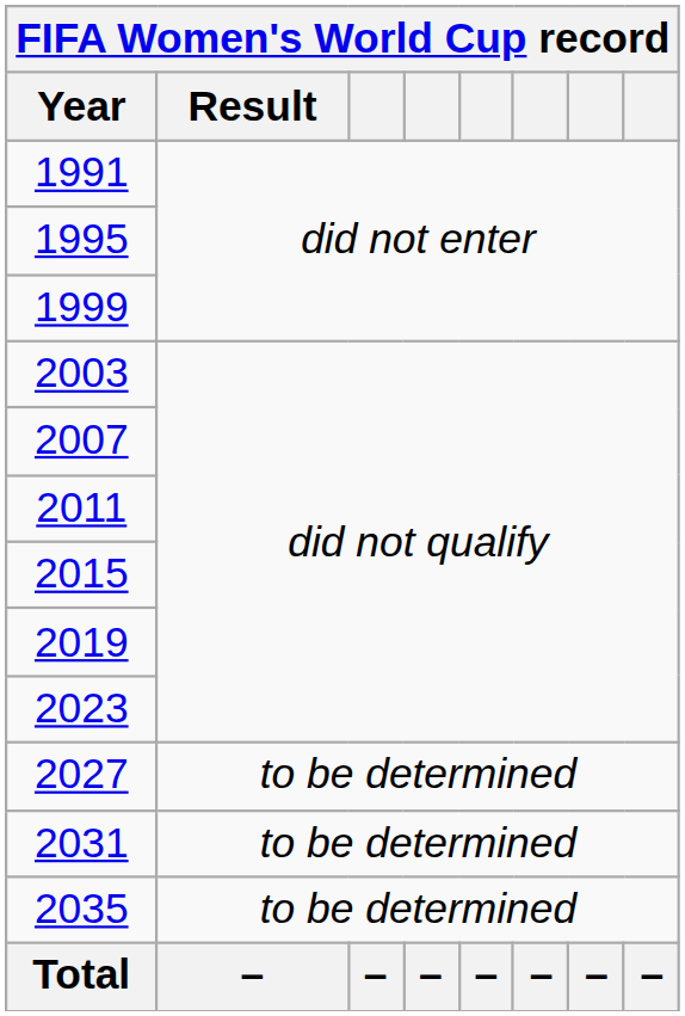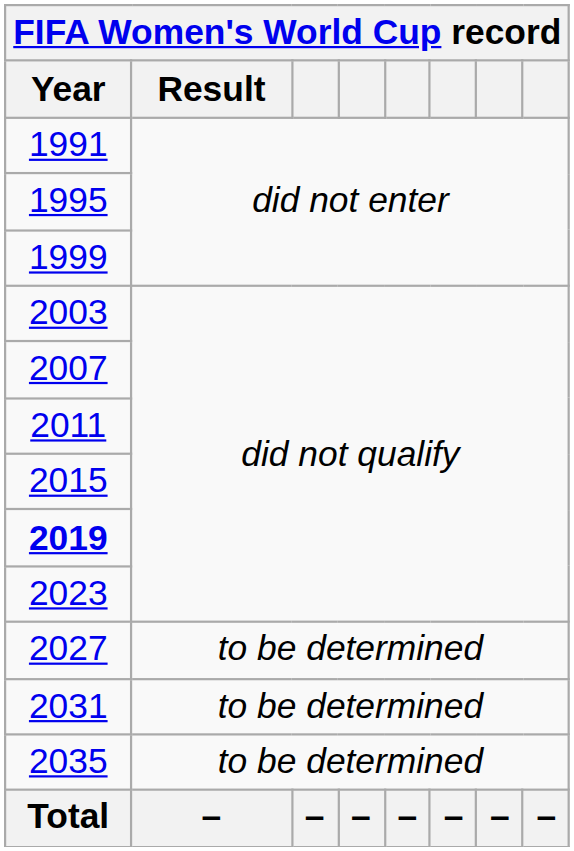 <table class="wikitable" style="text-align: center;">
 <tr>
 <th colspan=100><a href='#'>FIFA Women's World Cup</a> record</th>
 </tr>
 <tr>
 <th>Year</th>
 <th>Result</th>
 <th></th>
 <th></th>
 <th></th>
 <th></th>
 <th></th>
 <th></th>
 </tr>
 <tr>
 <td> <a href='#'>1991</a></td>
 <td colspan=7 rowspan=3><em>did not enter</em></td>
 </tr>
 <tr>
 <td> <a href='#'>1995</a></td>
 </tr>
 <tr>
 <td> <a href='#'>1999</a></td>
 </tr>
 <tr>
 <td> <a href='#'>2003</a></td>
 <td colspan=7 rowspan=6><em>did not qualify</em></td>
 </tr>
 <tr>
 <td> <a href='#'>2007</a></td>
 </tr>
 <tr>
 <td> <a href='#'>2011</a></td>
 </tr>
 <tr>
 <td> <a href='#'>2015</a></td>
 </tr>
 <tr>
-<td> <a href='#'>2019</a></td>
+<td><strong> <a href='#'>2019</a></strong></td>
 </tr>
 <tr>
 <td> <a href='#'>2023</a></td>
 </tr>
 <tr>
 <td> <a href='#'>2027</a></td>
 <td colspan=7><em>to be determined</em></td>
 </tr>
 <tr>
 <td> <a href='#'>2031</a></td>
 <td colspan=7><em>to be determined</em></td>
 </tr>
 <tr>
 <td> <a href='#'>2035</a></td>
 <td colspan=7><em>to be determined</em></td>
 </tr>
 <tr>
 <th>Total</th>
 <th>–</th>
 <th>–</th>
 <th>–</th>
 <th>–</th>
 <th>–</th>
 <th>–</th>
 <th>–</th>
 </tr>
 </table>
